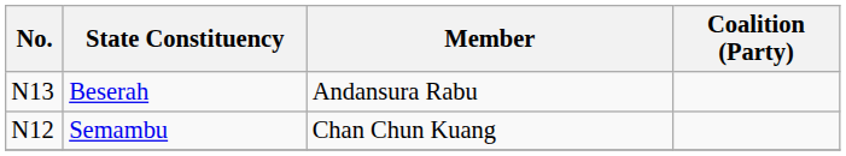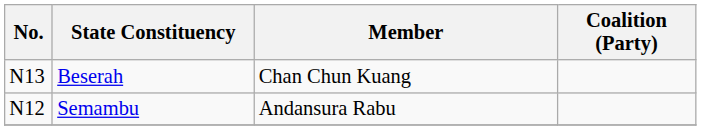 <table class="wikitable">
 <tr>
 <th width="30">No.</th>
 <th width="150">State Constituency</th>
 <th width="230">Member</th>
 <th width="100">Coalition (Party)</th>
 </tr>
 <tr>
 <td>N13</td>
 <td><a href='#'>Beserah</a></td>
-<td>Andansura Rabu</td>
+<td>Chan Chun Kuang</td>
 <td></td>
 </tr>
 <tr>
 <td>N12</td>
 <td><a href='#'>Semambu</a></td>
-<td>Chan Chun Kuang</td>
+<td>Andansura Rabu</td>
 <td></td>
 </tr>
 <tr>
 </tr>
 </table>
